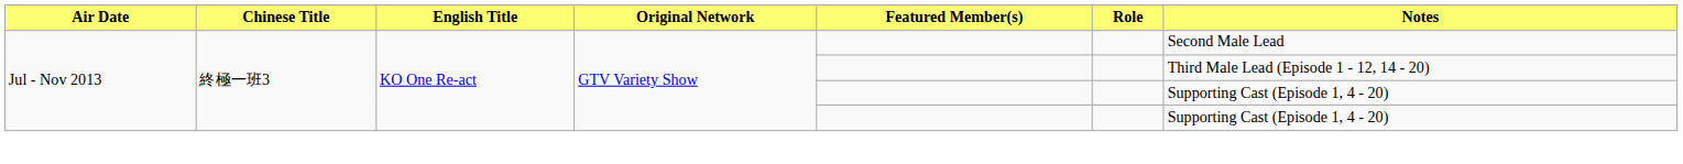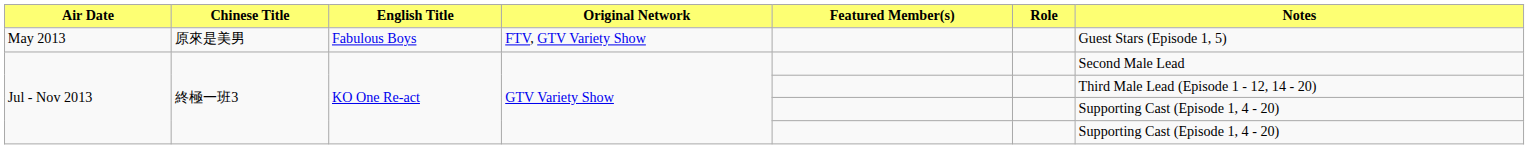 <table class="wikitable" style="font-size:14px" text-align="center" width="95%">
 <tr>
 <th style="background: #FDFF73"><strong>Air Date</strong></th>
 <th style="background: #FDFF73"><strong>Chinese Title</strong></th>
 <th style="background: #FDFF73"><strong>English Title</strong></th>
 <th style="background: #FDFF73"><strong>Original Network</strong></th>
 <th style="background: #FDFF73"><strong>Featured Member(s)</strong></th>
 <th style="background: #FDFF73"><strong>Role</strong></th>
 <th style="background: #FDFF73"><strong>Notes</strong></th>
+</tr>
+<tr>
+<td>May 2013</td>
+<td>原來是美男</td>
+<td><a href='#'>Fabulous Boys</a></td>
+<td><a href='#'>FTV</a>, <a href='#'>GTV Variety Show</a></td>
+<td></td>
+<td></td>
+<td>Guest Stars (Episode 1, 5)</td>
 </tr>
 <tr>
 <td rowspan="4">Jul - Nov 2013</td>
 <td rowspan="4">終極一班3</td>
 <td rowspan="4"><a href='#'>KO One Re-act</a></td>
 <td rowspan="4"><a href='#'>GTV Variety Show</a></td>
 <td></td>
 <td></td>
 <td>Second Male Lead</td>
 </tr>
 <tr>
 <td></td>
 <td></td>
 <td>Third Male Lead (Episode 1 - 12, 14 - 20)</td>
 </tr>
 <tr>
 <td></td>
 <td></td>
 <td>Supporting Cast (Episode 1, 4 - 20)</td>
 </tr>
 <tr>
 <td></td>
 <td></td>
 <td>Supporting Cast (Episode 1, 4 - 20)</td>
 </tr>
 </table>
